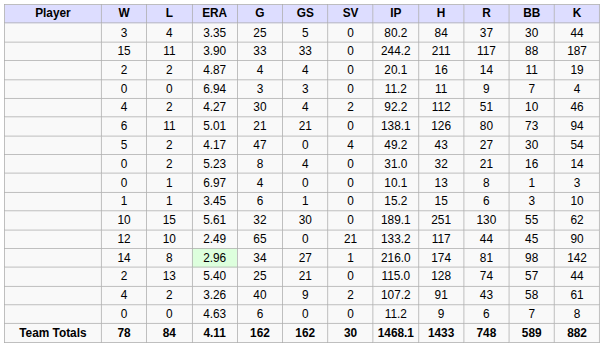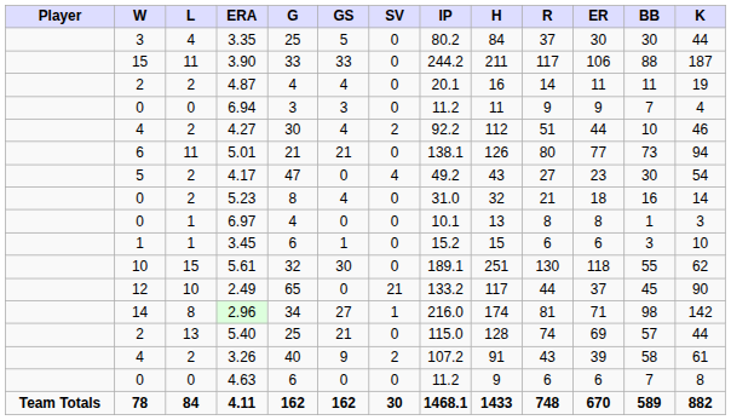 <table class="wikitable" style="text-align:center;">
 <tr>
 <th style="background:#ddf; width:15%;"><strong>Player</strong></th>
 <th style="background:#ddf; width:7%;"><strong>W</strong></th>
 <th style="background:#ddf; width:7%;"><strong>L</strong></th>
 <th style="background:#ddf; width:7%;"><strong>ERA</strong></th>
 <th style="background:#ddf; width:7%;"><strong>G</strong></th>
 <th style="background:#ddf; width:7%;"><strong>GS</strong></th>
 <th style="background:#ddf; width:7%;"><strong>SV</strong></th>
 <th style="background:#ddf; width:7%;"><strong>IP</strong></th>
 <th style="background:#ddf; width:7%;"><strong>H</strong></th>
 <th style="background:#ddf; width:7%;"><strong>R</strong></th>
+<th style="background:#ddf; width:7%;"><strong>ER</strong></th>
 <th style="background:#ddf; width:7%;"><strong>BB</strong></th>
 <th style="background:#ddf; width:7%;"><strong>K</strong></th>
 </tr>
 <tr>
 <td align=left></td>
 <td>3</td>
 <td>4</td>
 <td>3.35</td>
 <td>25</td>
 <td>5</td>
 <td>0</td>
 <td>80.2</td>
 <td>84</td>
 <td>37</td>
 <td>30</td>
+<td>30</td>
 <td>44</td>
 </tr>
 <tr>
 <td align=left></td>
 <td>15</td>
 <td>11</td>
 <td>3.90</td>
 <td>33</td>
 <td>33</td>
 <td>0</td>
 <td>244.2</td>
 <td>211</td>
 <td>117</td>
+<td>106</td>
 <td>88</td>
 <td>187</td>
 </tr>
 <tr>
 <td align=left></td>
 <td>2</td>
 <td>2</td>
 <td>4.87</td>
 <td>4</td>
 <td>4</td>
 <td>0</td>
 <td>20.1</td>
 <td>16</td>
 <td>14</td>
 <td>11</td>
+<td>11</td>
 <td>19</td>
 </tr>
 <tr>
 <td align=left></td>
 <td>0</td>
 <td>0</td>
 <td>6.94</td>
 <td>3</td>
 <td>3</td>
 <td>0</td>
 <td>11.2</td>
 <td>11</td>
+<td>9</td>
 <td>9</td>
 <td>7</td>
 <td>4</td>
 </tr>
 <tr>
 <td align=left></td>
 <td>4</td>
 <td>2</td>
 <td>4.27</td>
 <td>30</td>
 <td>4</td>
 <td>2</td>
 <td>92.2</td>
 <td>112</td>
 <td>51</td>
+<td>44</td>
 <td>10</td>
 <td>46</td>
 </tr>
 <tr>
 <td align=left></td>
 <td>6</td>
 <td>11</td>
 <td>5.01</td>
 <td>21</td>
 <td>21</td>
 <td>0</td>
 <td>138.1</td>
 <td>126</td>
 <td>80</td>
+<td>77</td>
 <td>73</td>
 <td>94</td>
 </tr>
 <tr>
 <td align=left></td>
 <td>5</td>
 <td>2</td>
 <td>4.17</td>
 <td>47</td>
 <td>0</td>
 <td>4</td>
 <td>49.2</td>
 <td>43</td>
 <td>27</td>
+<td>23</td>
 <td>30</td>
 <td>54</td>
 </tr>
 <tr>
 <td align=left></td>
 <td>0</td>
 <td>2</td>
 <td>5.23</td>
 <td>8</td>
 <td>4</td>
 <td>0</td>
 <td>31.0</td>
 <td>32</td>
 <td>21</td>
+<td>18</td>
 <td>16</td>
 <td>14</td>
 </tr>
 <tr>
 <td align=left></td>
 <td>0</td>
 <td>1</td>
 <td>6.97</td>
 <td>4</td>
 <td>0</td>
 <td>0</td>
 <td>10.1</td>
 <td>13</td>
+<td>8</td>
 <td>8</td>
 <td>1</td>
 <td>3</td>
 </tr>
 <tr>
 <td align=left></td>
 <td>1</td>
 <td>1</td>
 <td>3.45</td>
 <td>6</td>
 <td>1</td>
 <td>0</td>
 <td>15.2</td>
 <td>15</td>
 <td>6</td>
+<td>6</td>
 <td>3</td>
 <td>10</td>
 </tr>
 <tr>
 <td align=left></td>
 <td>10</td>
 <td>15</td>
 <td>5.61</td>
 <td>32</td>
 <td>30</td>
 <td>0</td>
 <td>189.1</td>
 <td>251</td>
 <td>130</td>
+<td>118</td>
 <td>55</td>
 <td>62</td>
 </tr>
 <tr>
 <td align=left></td>
 <td>12</td>
 <td>10</td>
 <td>2.49</td>
 <td>65</td>
 <td>0</td>
 <td>21</td>
 <td>133.2</td>
 <td>117</td>
 <td>44</td>
+<td>37</td>
 <td>45</td>
 <td>90</td>
 </tr>
 <tr>
 <td align=left></td>
 <td>14</td>
 <td>8</td>
 <td style="background:#DDFFDD;">2.96</td>
 <td>34</td>
 <td>27</td>
 <td>1</td>
 <td>216.0</td>
 <td>174</td>
 <td>81</td>
+<td>71</td>
 <td>98</td>
 <td>142</td>
 </tr>
 <tr>
 <td align=left></td>
 <td>2</td>
 <td>13</td>
 <td>5.40</td>
 <td>25</td>
 <td>21</td>
 <td>0</td>
 <td>115.0</td>
 <td>128</td>
 <td>74</td>
+<td>69</td>
 <td>57</td>
 <td>44</td>
 </tr>
 <tr>
 <td align=left></td>
 <td>4</td>
 <td>2</td>
 <td>3.26</td>
 <td>40</td>
 <td>9</td>
 <td>2</td>
 <td>107.2</td>
 <td>91</td>
 <td>43</td>
+<td>39</td>
 <td>58</td>
 <td>61</td>
 </tr>
 <tr>
 <td align=left></td>
 <td>0</td>
 <td>0</td>
 <td>4.63</td>
 <td>6</td>
 <td>0</td>
 <td>0</td>
 <td>11.2</td>
 <td>9</td>
+<td>6</td>
 <td>6</td>
 <td>7</td>
 <td>8</td>
 </tr>
 <tr class="sortbottom">
 <td><strong>Team Totals</strong></td>
 <td><strong>78</strong></td>
 <td><strong>84</strong></td>
 <td><strong>4.11</strong></td>
 <td><strong>162</strong></td>
 <td><strong>162</strong></td>
 <td><strong>30</strong></td>
 <td><strong>1468.1</strong></td>
 <td><strong>1433</strong></td>
 <td><strong>748</strong></td>
+<td><strong>670</strong></td>
 <td><strong>589</strong></td>
 <td><strong>882</strong></td>
 </tr>
 </table>
